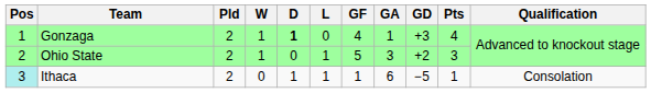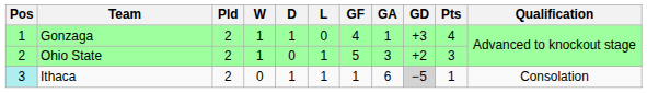 <table class="wikitable" style="text-align:center; margin: 1em auto">
 <tr>
 <th style="width:2em">Pos</th>
 <th style="width:13em">Team</th>
 <th style="width:2em">Pld</th>
 <th style="width:2em">W</th>
 <th style="width:2em">D</th>
 <th style="width:2em">L</th>
 <th style="width:2em">GF</th>
 <th style="width:2em">GA</th>
 <th style="width:2em">GD</th>
 <th style="width:2em">Pts</th>
 <th style="width:13em">Qualification</th>
 </tr>
 <tr bgcolor="#9eff9e">
 <td>1</td>
 <td style="text-align:left">Gonzaga</td>
 <td>2</td>
 <td>1</td>
-<td><strong>1</strong></td>
+<td>1</td>
 <td>0</td>
 <td>4</td>
 <td>1</td>
 <td>+3</td>
 <td>4</td>
 <td rowspan="2">Advanced to knockout stage</td>
 </tr>
 <tr bgcolor="#9eff9e">
 <td>2</td>
 <td style="text-align:left">Ohio State</td>
 <td>2</td>
 <td>1</td>
 <td>0</td>
 <td>1</td>
 <td>5</td>
 <td>3</td>
 <td>+2</td>
 <td>3</td>
 </tr>
 <tr>
 <td style="background: paleturquoise;">3</td>
 <td style="text-align:left">Ithaca</td>
 <td>2</td>
 <td>0</td>
 <td>1</td>
 <td>1</td>
 <td>1</td>
 <td>6</td>
-<td>−5</td>
+<td style="background: lightgrey;">−5</td>
 <td>1</td>
 <td>Consolation</td>
 </tr>
 </table>
